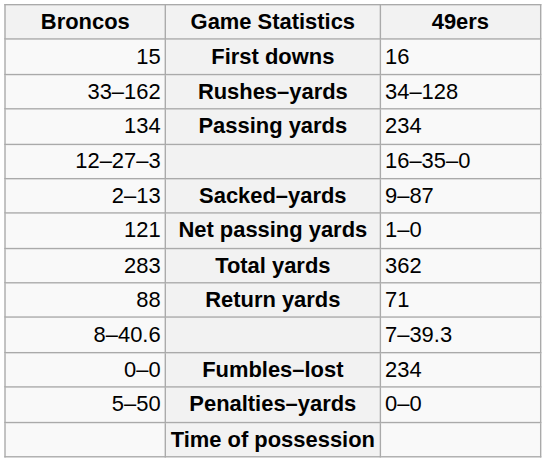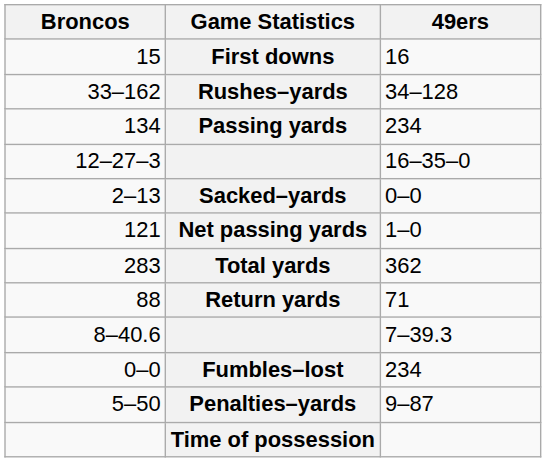 <table class="wikitable" style="margin: 1em auto 1em auto">
 <tr>
 <th style="width:30%;">Broncos</th>
 <th style="width:40%;">Game Statistics</th>
 <th style="width:30%;">49ers</th>
 </tr>
 <tr>
 <td style="text-align:right;">15</td>
 <th>First downs</th>
 <td>16</td>
 </tr>
 <tr>
 <td style="text-align:right;">33–162</td>
 <th>Rushes–yards</th>
 <td>34–128</td>
 </tr>
 <tr>
 <td style="text-align:right;">134</td>
 <th>Passing yards</th>
 <td>234</td>
 </tr>
 <tr>
 <td style="text-align:right;">12–27–3</td>
 <th></th>
 <td>16–35–0</td>
 </tr>
 <tr>
 <td style="text-align:right;">2–13</td>
 <th>Sacked–yards</th>
-<td>9–87</td>
+<td>0–0</td>
 </tr>
 <tr>
 <td style="text-align:right;">121</td>
 <th>Net passing yards</th>
 <td>1–0</td>
 </tr>
 <tr>
 <td style="text-align:right;">283</td>
 <th>Total yards</th>
 <td>362</td>
 </tr>
 <tr>
 <td style="text-align:right;">88</td>
 <th>Return yards</th>
 <td>71</td>
 </tr>
 <tr>
 <td style="text-align:right;">8–40.6</td>
 <th></th>
 <td>7–39.3</td>
 </tr>
 <tr>
 <td style="text-align:right;">0–0</td>
 <th>Fumbles–lost</th>
 <td>234</td>
 </tr>
 <tr>
 <td style="text-align:right;">5–50</td>
 <th>Penalties–yards</th>
-<td>0–0</td>
+<td>9–87</td>
 </tr>
 <tr>
 <td style="text-align:right;"></td>
 <th>Time of possession</th>
 <td></td>
 </tr>
 </table>
